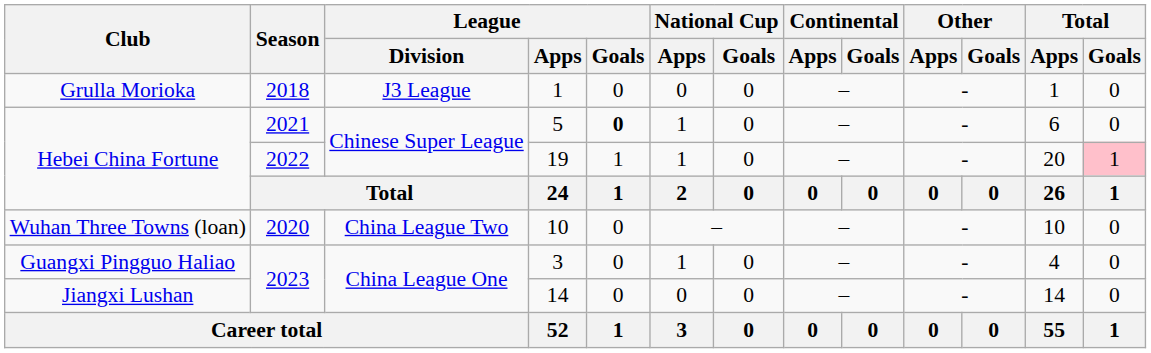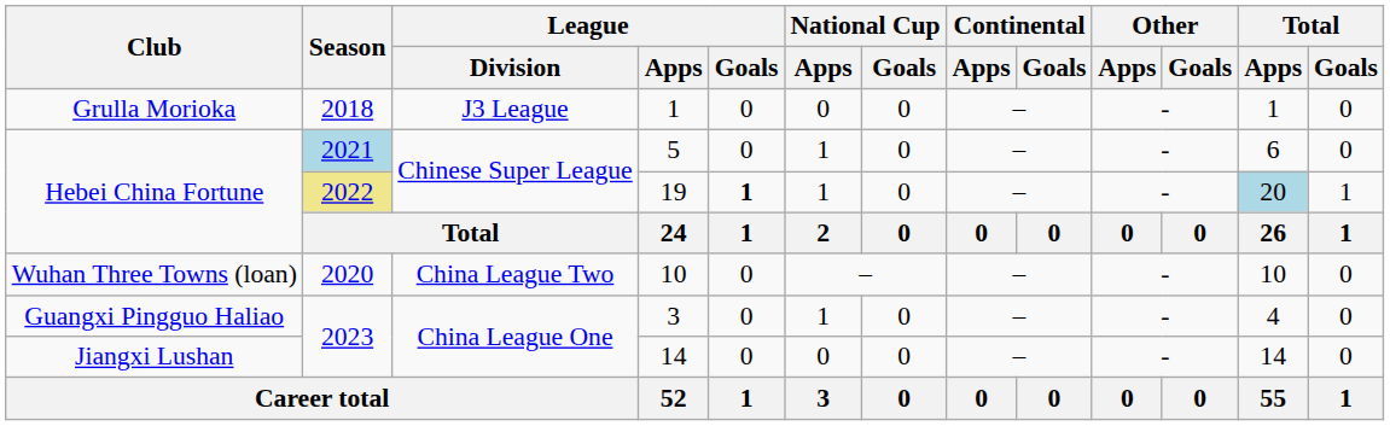 <table class="wikitable" style="text-align: center">
 <tr>
 <th rowspan="2">Club</th>
 <th rowspan="2">Season</th>
 <th colspan="3">League</th>
 <th colspan="2">National Cup</th>
 <th colspan="2">Continental</th>
 <th colspan="2">Other</th>
 <th colspan="2">Total</th>
 </tr>
 <tr>
 <th>Division</th>
 <th>Apps</th>
 <th>Goals</th>
 <th>Apps</th>
 <th>Goals</th>
 <th>Apps</th>
 <th>Goals</th>
 <th>Apps</th>
 <th>Goals</th>
 <th>Apps</th>
 <th>Goals</th>
 </tr>
 <tr>
 <td><a href='#'>Grulla Morioka</a></td>
 <td><a href='#'>2018</a></td>
 <td><a href='#'>J3 League</a></td>
 <td>1</td>
 <td>0</td>
 <td>0</td>
 <td>0</td>
 <td colspan="2">–</td>
 <td colspan="2">-</td>
 <td>1</td>
 <td>0</td>
 </tr>
 <tr>
 <td rowspan="3"><a href='#'>Hebei China Fortune</a></td>
-<td><a href='#'>2021</a></td>
+<td style="background: lightblue;"><a href='#'>2021</a></td>
 <td rowspan="2"><a href='#'>Chinese Super League</a></td>
 <td>5</td>
-<td><strong>0</strong></td>
+<td>0</td>
 <td>1</td>
 <td>0</td>
 <td colspan="2">–</td>
 <td colspan="2">-</td>
 <td>6</td>
 <td>0</td>
 </tr>
 <tr>
-<td><a href='#'>2022</a></td>
+<td style="background: khaki;"><a href='#'>2022</a></td>
 <td>19</td>
-<td>1</td>
+<td><strong>1</strong></td>
 <td>1</td>
 <td>0</td>
 <td colspan="2">–</td>
 <td colspan="2">-</td>
-<td>20</td>
-<td style="background: pink;">1</td>
+<td style="background: lightblue;">20</td>
+<td>1</td>
 </tr>
 <tr>
 <th colspan=2>Total</th>
 <th>24</th>
 <th>1</th>
 <th>2</th>
 <th>0</th>
 <th>0</th>
 <th>0</th>
 <th>0</th>
 <th>0</th>
 <th>26</th>
 <th>1</th>
 </tr>
 <tr>
 <td><a href='#'>Wuhan Three Towns</a> (loan)</td>
 <td><a href='#'>2020</a></td>
 <td><a href='#'>China League Two</a></td>
 <td>10</td>
 <td>0</td>
 <td colspan="2">–</td>
 <td colspan="2">–</td>
 <td colspan="2">-</td>
 <td>10</td>
 <td>0</td>
 </tr>
 <tr>
 <td><a href='#'>Guangxi Pingguo Haliao</a></td>
 <td rowspan="2"><a href='#'>2023</a></td>
 <td rowspan="2"><a href='#'>China League One</a></td>
 <td>3</td>
 <td>0</td>
 <td>1</td>
 <td>0</td>
 <td colspan="2">–</td>
 <td colspan="2">-</td>
 <td>4</td>
 <td>0</td>
 </tr>
 <tr>
 <td><a href='#'>Jiangxi Lushan</a></td>
 <td>14</td>
 <td>0</td>
 <td>0</td>
 <td>0</td>
 <td colspan="2">–</td>
 <td colspan="2">-</td>
 <td>14</td>
 <td>0</td>
 </tr>
 <tr>
 <th colspan=3>Career total</th>
 <th>52</th>
 <th>1</th>
 <th>3</th>
 <th>0</th>
 <th>0</th>
 <th>0</th>
 <th>0</th>
 <th>0</th>
 <th>55</th>
 <th>1</th>
 </tr>
 </table>
